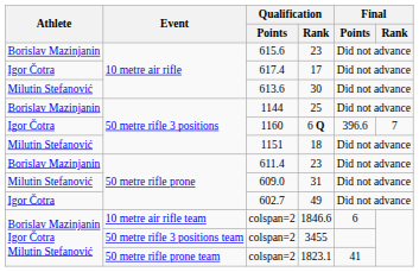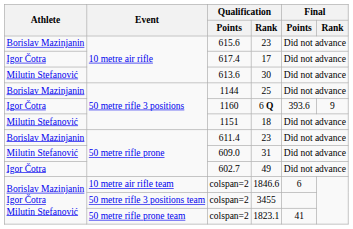 <table class="wikitable" style="font-size:90%;">
 <tr>
 <th rowspan=2>Athlete</th>
 <th rowspan=2>Event</th>
 <th colspan=2>Qualification</th>
 <th colspan=2>Final</th>
 </tr>
 <tr>
 <th>Points</th>
 <th>Rank</th>
 <th>Points</th>
 <th>Rank</th>
 </tr>
 <tr align=center>
 <td align=left><a href='#'>Borislav Mazinjanin</a></td>
 <td align=left rowspan=3><a href='#'>10 metre air rifle</a></td>
 <td>615.6</td>
 <td>23</td>
 <td colspan=2 align=center>Did not advance</td>
 </tr>
 <tr align=center>
 <td align=left><a href='#'>Igor Čotra</a></td>
 <td>617.4</td>
 <td>17</td>
 <td colspan=2 align=center>Did not advance</td>
 </tr>
 <tr align=center>
 <td align=left><a href='#'>Milutin Stefanović</a></td>
 <td>613.6</td>
 <td>30</td>
 <td colspan=2 align=center>Did not advance</td>
 </tr>
 <tr align=center>
 <td align=left><a href='#'>Borislav Mazinjanin</a></td>
 <td align=left rowspan=3><a href='#'>50 metre rifle 3 positions</a></td>
 <td>1144</td>
 <td>25</td>
 <td colspan=2 align=center>Did not advance</td>
 </tr>
 <tr align=center>
 <td align=left><a href='#'>Igor Čotra</a></td>
 <td>1160</td>
 <td>6 <strong>Q</strong></td>
-<td>396.6</td>
-<td>7</td>
+<td>393.6</td>
+<td>9</td>
 </tr>
 <tr align=center>
 <td align=left><a href='#'>Milutin Stefanović</a></td>
 <td>1151</td>
 <td>18</td>
 <td colspan=2 align=center>Did not advance</td>
 </tr>
 <tr align=center>
 <td align=left><a href='#'>Borislav Mazinjanin</a></td>
 <td align=left rowspan=3><a href='#'>50 metre rifle prone</a></td>
 <td>611.4</td>
 <td>23</td>
 <td colspan=2 align=center>Did not advance</td>
 </tr>
 <tr align=center>
 <td align=left><a href='#'>Milutin Stefanović</a></td>
 <td>609.0</td>
 <td>31</td>
 <td colspan=2 align=center>Did not advance</td>
 </tr>
 <tr align=center>
 <td align=left><a href='#'>Igor Čotra</a></td>
 <td>602.7</td>
 <td>49</td>
 <td colspan=2 align=center>Did not advance</td>
 </tr>
 <tr align=center>
 <td align=left rowspan=3><a href='#'>Borislav Mazinjanin</a><br><a href='#'>Igor Čotra</a><br><a href='#'>Milutin Stefanović</a></td>
 <td align=left><a href='#'>10 metre air rifle team</a></td>
 <td>colspan=2 </td>
 <td>1846.6</td>
 <td>6</td>
 </tr>
 <tr align=center>
 <td align=left><a href='#'>50 metre rifle 3 positions team</a></td>
 <td>colspan=2 </td>
 <td>3455</td>
 <td></td>
 </tr>
 <tr align=center>
 <td align=left><a href='#'>50 metre rifle prone team</a></td>
 <td>colspan=2 </td>
 <td>1823.1</td>
 <td>41</td>
 </tr>
 </table>
